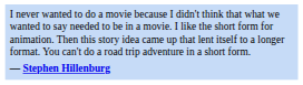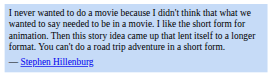 <table class="toccolours" style="float: right; margin-left: 1em; margin-right: 2em; font-size: 85%; background:#c6dbf7; color:black; width:28em; max-width: 40%;" cellspacing="5">
 <tr>
 <td style="text-align: left;">I never wanted to do a movie because I didn't think that what we wanted to say needed to be in a movie. I like the short form for animation. Then this story idea came up that lent itself to a longer format. You can't do a road trip adventure in a short form.</td>
 </tr>
 <tr>
-<td style="text-align: left;"><strong>— <a href='#'>Stephen Hillenburg</a></strong></td>
+<td style="text-align: left;">— <a href='#'>Stephen Hillenburg</a></td>
 </tr>
 </table>
